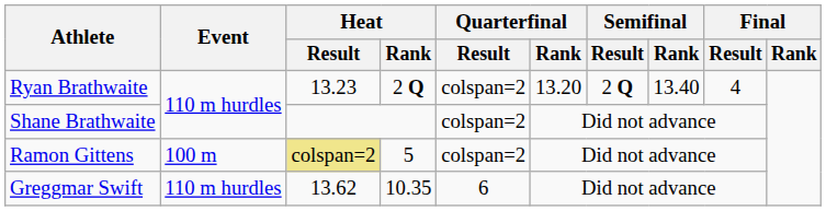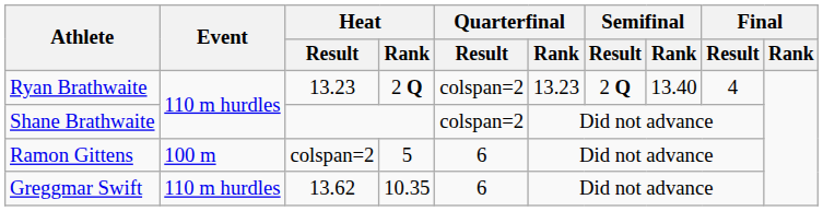 <table class="wikitable" style="font-size:90%">
 <tr>
 <th rowspan="2">Athlete</th>
 <th rowspan="2">Event</th>
 <th colspan="2">Heat</th>
 <th colspan="2">Quarterfinal</th>
 <th colspan="2">Semifinal</th>
 <th colspan="2">Final</th>
 </tr>
 <tr style="font-size:95%">
 <th>Result</th>
 <th>Rank</th>
 <th>Result</th>
 <th>Rank</th>
 <th>Result</th>
 <th>Rank</th>
 <th>Result</th>
 <th>Rank</th>
 </tr>
 <tr align=center>
 <td align=left><a href='#'>Ryan Brathwaite</a></td>
 <td align=left rowspan=2><a href='#'>110 m hurdles</a></td>
 <td>13.23</td>
 <td>2 <strong>Q</strong></td>
 <td>colspan=2 </td>
-<td>13.20</td>
+<td>13.23</td>
 <td>2 <strong>Q</strong></td>
 <td>13.40</td>
 <td>4</td>
 </tr>
 <tr align=center>
 <td align=left><a href='#'>Shane Brathwaite</a></td>
 <td colspan=2></td>
 <td>colspan=2 </td>
 <td colspan=4>Did not advance</td>
 </tr>
 <tr align=center>
 <td align=left><a href='#'>Ramon Gittens</a></td>
 <td align=left><a href='#'>100 m</a></td>
-<td style="background: khaki;">colspan=2 </td>
+<td>colspan=2 </td>
 <td>5</td>
-<td>colspan=2 </td>
+<td>6</td>
 <td colspan=4>Did not advance</td>
 </tr>
 <tr align=center>
 <td align=left><a href='#'>Greggmar Swift</a></td>
 <td align=left><a href='#'>110 m hurdles</a></td>
 <td>13.62</td>
 <td>10.35</td>
 <td>6</td>
 <td colspan=4>Did not advance</td>
 </tr>
 </table>
